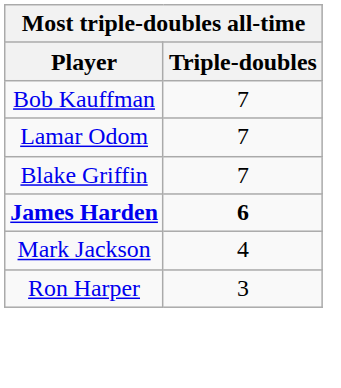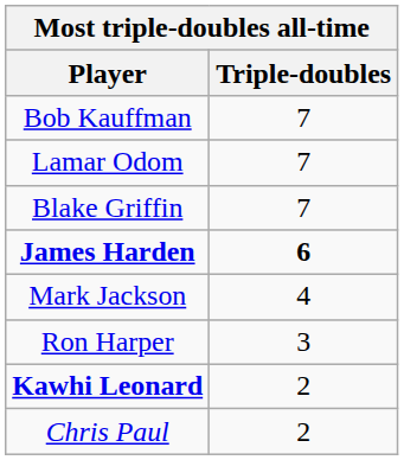 <table class="wikitable sortable" style="text-align:center">
 <tr>
 <th colspan="2">Most triple-doubles all-time</th>
 </tr>
 <tr>
 <th>Player</th>
 <th>Triple-doubles</th>
 </tr>
 <tr>
 <td><a href='#'>Bob Kauffman</a></td>
 <td>7</td>
 </tr>
 <tr>
 <td><a href='#'>Lamar Odom</a></td>
 <td>7</td>
 </tr>
 <tr>
 <td><a href='#'>Blake Griffin</a></td>
 <td>7</td>
 </tr>
 <tr>
 <td><strong><a href='#'>James Harden</a></strong></td>
 <td><strong>6</strong></td>
 </tr>
 <tr>
 <td><a href='#'>Mark Jackson</a></td>
 <td>4</td>
 </tr>
 <tr>
 <td><a href='#'>Ron Harper</a></td>
 <td>3</td>
 </tr>
+<tr>
+<td><strong><a href='#'>Kawhi Leonard</a></strong></td>
+<td>2</td>
+</tr>
+<tr>
+<td><em><a href='#'>Chris Paul</a></em></td>
+<td>2</td>
+</tr>
 </table>
